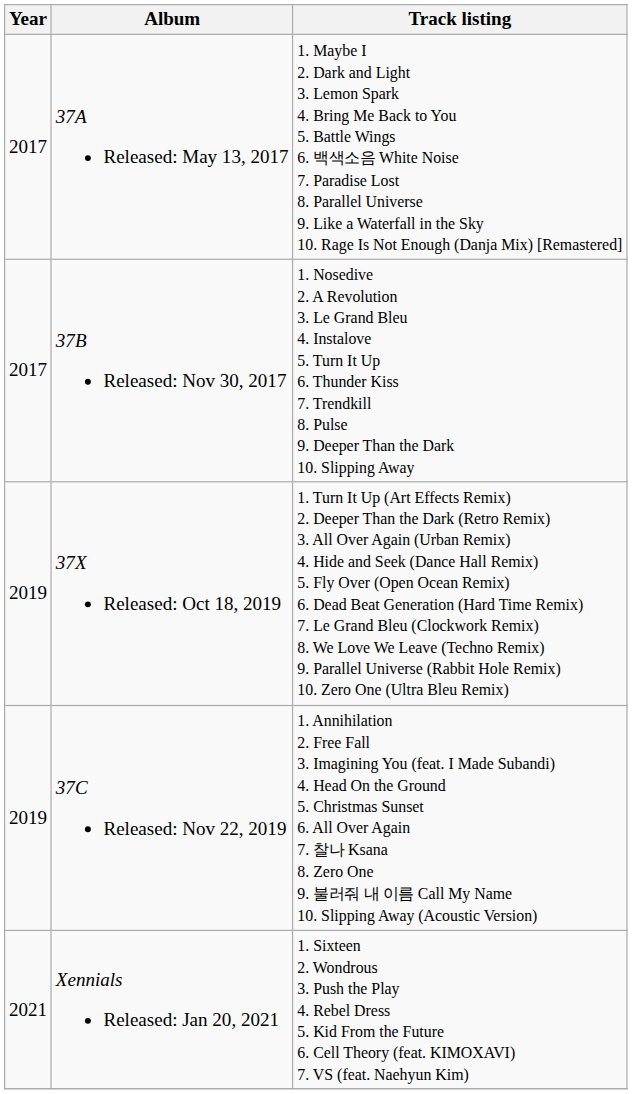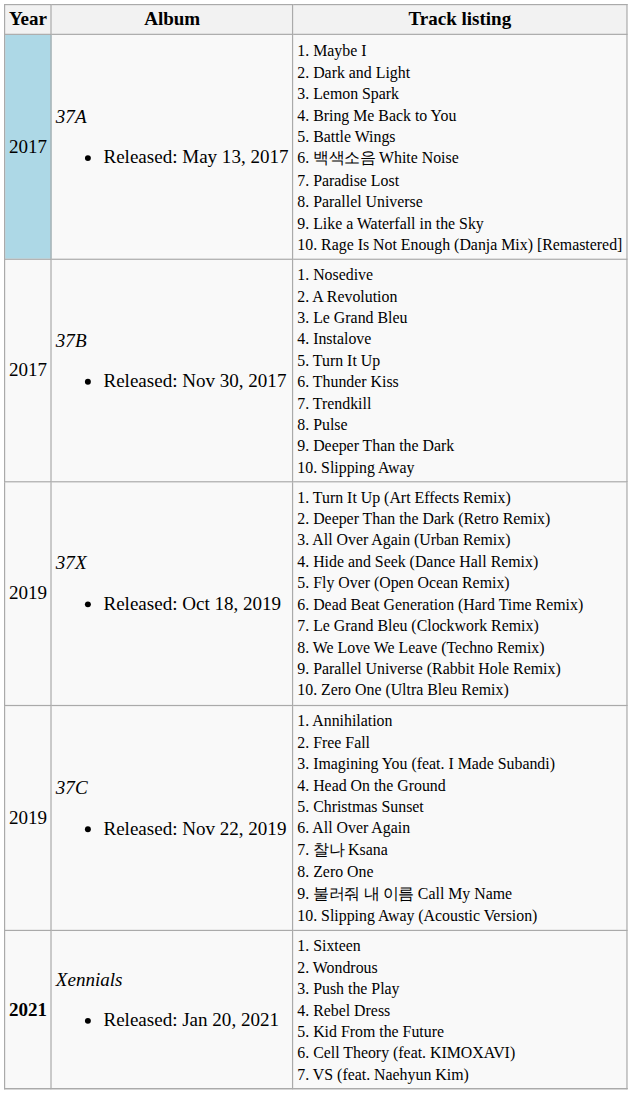 <table class="wikitable">
 <tr>
 <th rowspan="1">Year</th>
 <th rowspan="1">Album</th>
 <th rowspan="1">Track listing</th>
 </tr>
 <tr>
-<td>2017</td>
+<td style="background: lightblue;">2017</td>
 <td><em>37A</em><br><ul><li>Released: May 13, 2017</li></ul></td>
 <td><small> 1. Maybe I <br> 2. Dark and Light <br> 3. Lemon Spark <br> 4. Bring Me Back to You <br> 5. Battle Wings <br> 6. 백색소음 White Noise <br> 7. Paradise Lost <br> 8. Parallel Universe <br> 9. Like a Waterfall in the Sky <br> 10. Rage Is Not Enough (Danja Mix) [Remastered] </small></td>
 </tr>
 <tr>
 <td>2017</td>
 <td><em>37B</em><br><ul><li>Released: Nov 30, 2017</li></ul></td>
 <td><small> 1. Nosedive <br> 2. A Revolution <br> 3. Le Grand Bleu <br> 4. Instalove <br> 5. Turn It Up <br> 6. Thunder Kiss <br> 7. Trendkill <br> 8. Pulse <br> 9. Deeper Than the Dark <br> 10. Slipping Away </small></td>
 </tr>
 <tr>
 <td>2019</td>
 <td><em>37X</em><br><ul><li>Released: Oct 18, 2019</li></ul></td>
 <td><small> 1. Turn It Up (Art Effects Remix) <br> 2. Deeper Than the Dark (Retro Remix) <br> 3. All Over Again (Urban Remix) <br> 4. Hide and Seek (Dance Hall Remix) <br> 5. Fly Over (Open Ocean Remix) <br> 6. Dead Beat Generation (Hard Time Remix) <br> 7. Le Grand Bleu (Clockwork Remix) <br> 8. We Love We Leave (Techno Remix) <br> 9. Parallel Universe (Rabbit Hole Remix) <br> 10. Zero One (Ultra Bleu Remix)</small></td>
 </tr>
 <tr>
 <td>2019</td>
 <td><em>37C</em><br><ul><li>Released: Nov 22, 2019</li></ul></td>
 <td><small> 1. Annihilation <br>  2. Free Fall <br> 3. Imagining You (feat. I Made Subandi) <br> 4. Head On the Ground <br>  5. Christmas Sunset <br> 6. All Over Again <br> 7. 찰나 Ksana <br> 8. Zero One <br> 9. 불러줘 내 이름 Call My Name <br> 10. Slipping Away (Acoustic Version)</small></td>
 </tr>
 <tr>
-<td>2021</td>
+<td><strong>2021</strong></td>
 <td><em>Xennials</em><br><ul><li>Released: Jan 20, 2021</li></ul></td>
 <td><small> 1. Sixteen <br>  2. Wondrous <br> 3. Push the Play <br> 4. Rebel Dress <br>  5. Kid From the Future <br> 6. Cell Theory (feat. KIMOXAVI) <br> 7. VS (feat. Naehyun Kim)</small></td>
 </tr>
 <tr>
 </tr>
 </table>
